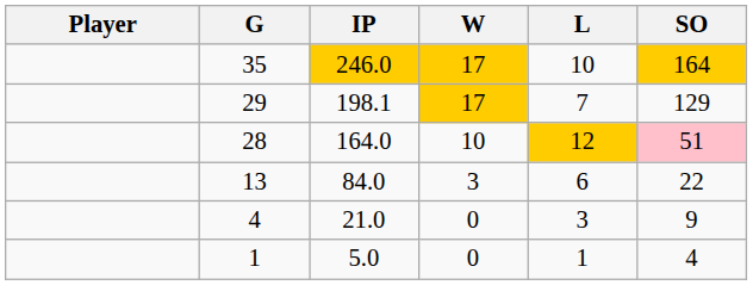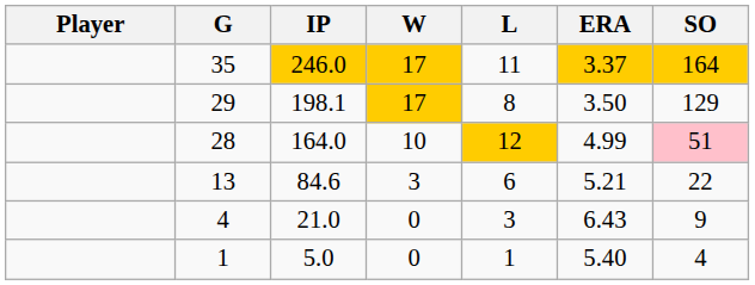 <table class="wikitable sortable">
 <tr>
 <th bgcolor="#DDDDFF" width="16%">Player</th>
 <th bgcolor="#DDDDFF" width="9%">G</th>
 <th bgcolor="#DDDDFF" width="9%">IP</th>
 <th bgcolor="#DDDDFF" width="9%">W</th>
 <th bgcolor="#DDDDFF" width="9%">L</th>
+<th bgcolor="#DDDDFF" width="9%">ERA</th>
 <th bgcolor="#DDDDFF" width="9%">SO</th>
 </tr>
 <tr align="center">
 <td></td>
 <td>35</td>
 <td style="background:#fc0;">246.0</td>
 <td style="background:#fc0;">17</td>
-<td>10</td>
+<td>11</td>
+<td style="background:#fc0;">3.37</td>
 <td style="background:#fc0;">164</td>
 </tr>
 <tr align="center">
 <td></td>
 <td>29</td>
 <td>198.1</td>
 <td style="background:#fc0;">17</td>
-<td>7</td>
+<td>8</td>
+<td>3.50</td>
 <td>129</td>
 </tr>
 <tr align="center">
 <td></td>
 <td>28</td>
 <td>164.0</td>
 <td>10</td>
 <td style="background:#fc0;">12</td>
+<td>4.99</td>
 <td style="background: pink;">51</td>
 </tr>
 <tr align="center">
 <td></td>
 <td>13</td>
-<td>84.0</td>
+<td>84.6</td>
 <td>3</td>
 <td>6</td>
+<td>5.21</td>
 <td>22</td>
 </tr>
 <tr align="center">
 <td></td>
 <td>4</td>
 <td>21.0</td>
 <td>0</td>
 <td>3</td>
+<td>6.43</td>
 <td>9</td>
 </tr>
 <tr align="center">
 <td></td>
 <td>1</td>
 <td>5.0</td>
 <td>0</td>
 <td>1</td>
+<td>5.40</td>
 <td>4</td>
 </tr>
 </table>
